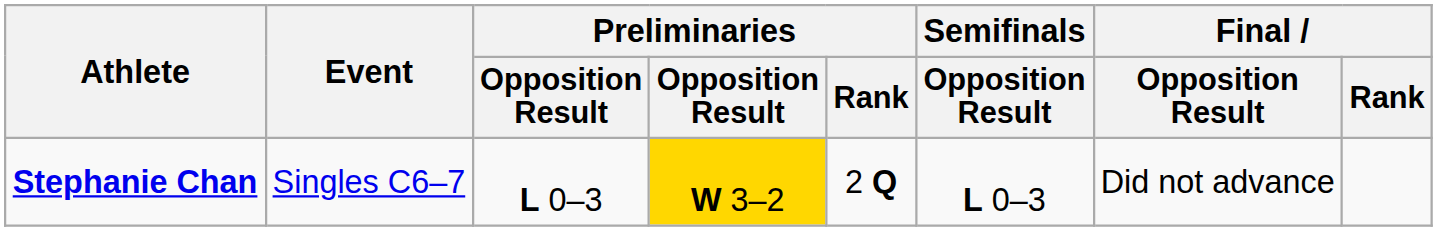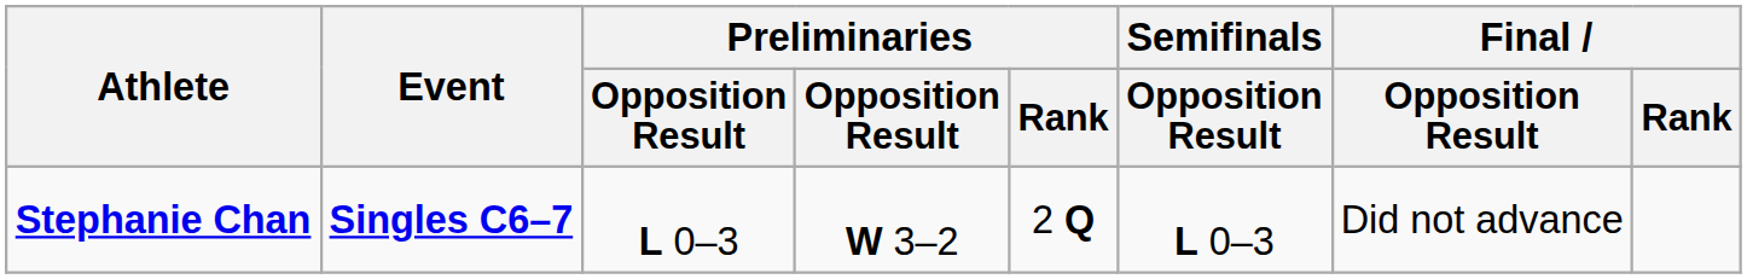 <table class=wikitable style="font-size:90%">
 <tr>
 <th rowspan="2">Athlete</th>
 <th rowspan="2">Event</th>
 <th colspan="3">Preliminaries</th>
 <th>Semifinals</th>
 <th colspan="2">Final / </th>
 </tr>
 <tr style="font-size:95%">
 <th>Opposition<br>Result</th>
 <th>Opposition<br>Result</th>
 <th>Rank</th>
 <th>Opposition<br>Result</th>
 <th>Opposition<br>Result</th>
 <th>Rank</th>
 </tr>
 <tr align=center>
 <td align=left><strong><a href='#'>Stephanie Chan</a></strong></td>
-<td align=left><a href='#'>Singles C6–7</a></td>
+<td align=left><strong><a href='#'>Singles C6–7</a></strong></td>
 <td><br><strong>L</strong> 0–3</td>
-<td style="background: gold;"><br><strong>W</strong> 3–2</td>
+<td><br><strong>W</strong> 3–2</td>
 <td>2 <strong>Q</strong></td>
 <td><br><strong>L</strong> 0–3</td>
 <td>Did not advance</td>
 <td></td>
 </tr>
 </table>
